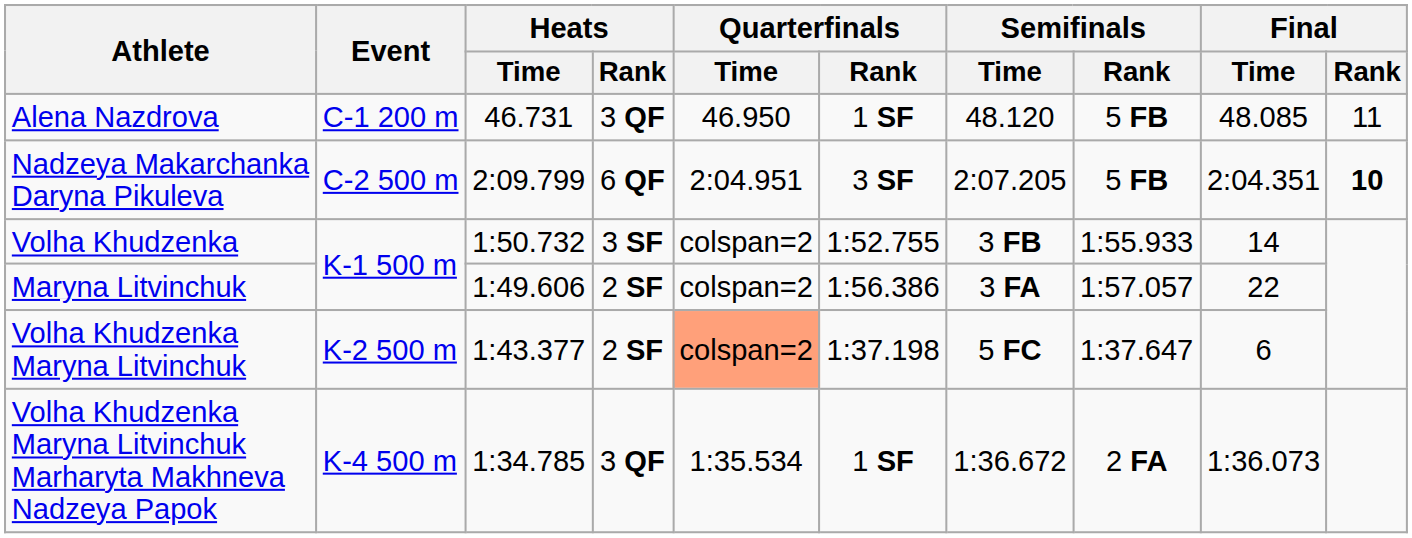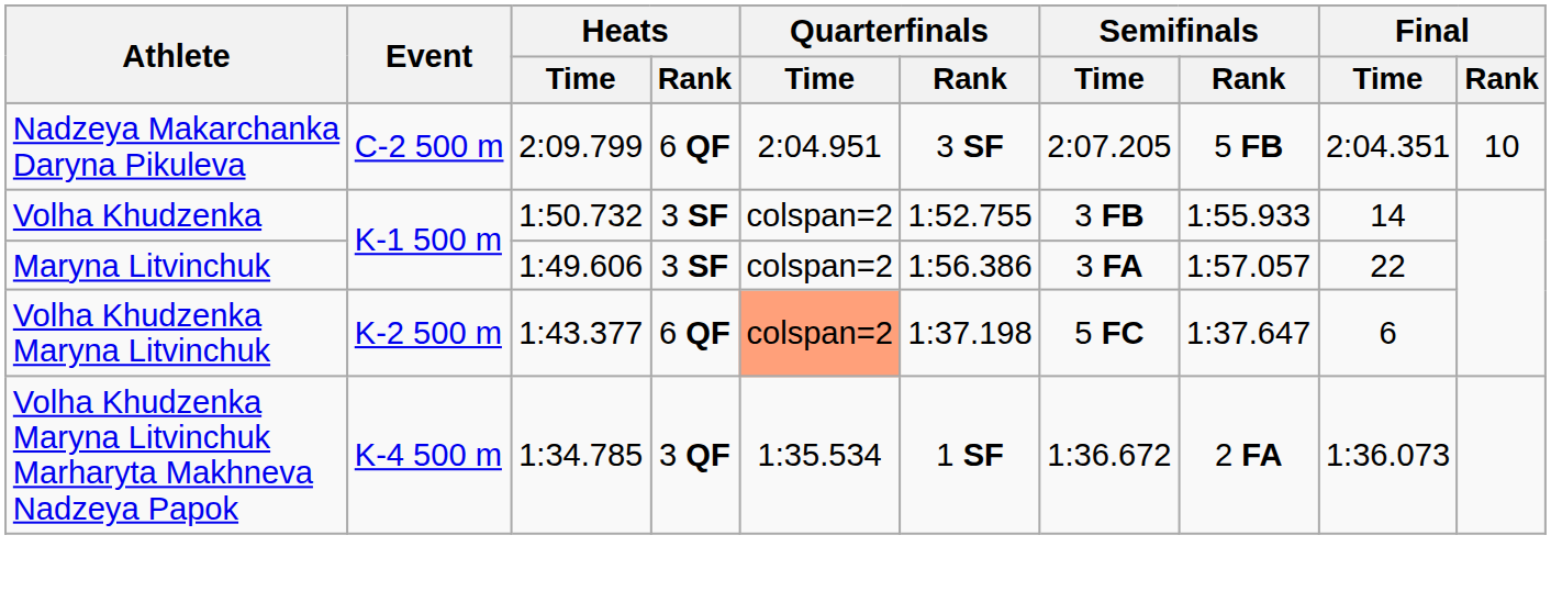 <table class=wikitable style="font-size:90%">
 <tr>
 <th rowspan="2">Athlete</th>
 <th rowspan="2">Event</th>
 <th colspan=2>Heats</th>
 <th colspan=2>Quarterfinals</th>
 <th colspan=2>Semifinals</th>
 <th colspan=2>Final</th>
 </tr>
 <tr style="font-size:95%">
 <th>Time</th>
 <th>Rank</th>
 <th>Time</th>
 <th>Rank</th>
 <th>Time</th>
 <th>Rank</th>
 <th>Time</th>
 <th>Rank</th>
 </tr>
 <tr align=center>
-<td align=left><a href='#'>Alena Nazdrova</a></td>
-<td align=left><a href='#'>C-1 200 m</a></td>
-<td>46.731</td>
-<td>3 <strong>QF</strong></td>
-<td>46.950</td>
-<td>1 <strong>SF</strong></td>
-<td>48.120</td>
-<td>5 <strong>FB</strong></td>
-<td>48.085</td>
-<td>11</td>
-</tr>
-<tr align=center>
 <td align=left><a href='#'>Nadzeya Makarchanka</a><br><a href='#'>Daryna Pikuleva</a></td>
 <td align=left><a href='#'>C-2 500 m</a></td>
 <td>2:09.799</td>
 <td>6 <strong>QF</strong></td>
 <td>2:04.951</td>
 <td>3 <strong>SF</strong></td>
 <td>2:07.205</td>
 <td>5 <strong>FB</strong></td>
 <td>2:04.351</td>
-<td><strong>10</strong></td>
+<td>10</td>
 </tr>
 <tr align=center>
 <td align=left><a href='#'>Volha Khudzenka</a></td>
 <td align=left rowspan=2><a href='#'>K-1 500 m</a></td>
 <td>1:50.732</td>
 <td>3 <strong>SF</strong></td>
 <td>colspan=2 </td>
 <td>1:52.755</td>
 <td>3 <strong>FB</strong></td>
 <td>1:55.933</td>
 <td>14</td>
 </tr>
 <tr align=center>
 <td align=left><a href='#'>Maryna Litvinchuk</a></td>
 <td>1:49.606</td>
-<td>2 <strong>SF</strong></td>
+<td>3 <strong>SF</strong></td>
 <td>colspan=2 </td>
 <td>1:56.386</td>
 <td>3 <strong>FA</strong></td>
 <td>1:57.057</td>
 <td>22</td>
 </tr>
 <tr align=center>
 <td align=left><a href='#'>Volha Khudzenka</a><br><a href='#'>Maryna Litvinchuk</a></td>
 <td align=left><a href='#'>K-2 500 m</a></td>
 <td>1:43.377</td>
-<td>2 <strong>SF</strong></td>
+<td>6 <strong>QF</strong></td>
 <td style="background: lightsalmon;">colspan=2 </td>
 <td>1:37.198</td>
 <td>5 <strong>FC</strong></td>
 <td>1:37.647</td>
 <td>6</td>
 </tr>
 <tr align=center>
 <td align=left><a href='#'>Volha Khudzenka</a><br><a href='#'>Maryna Litvinchuk</a><br><a href='#'>Marharyta Makhneva</a><br><a href='#'>Nadzeya Papok</a></td>
 <td align=left><a href='#'>K-4 500 m</a></td>
 <td>1:34.785</td>
 <td>3 <strong>QF</strong></td>
 <td>1:35.534</td>
 <td>1 <strong>SF</strong></td>
 <td>1:36.672</td>
 <td>2 <strong>FA</strong></td>
 <td>1:36.073</td>
 <td></td>
 </tr>
 </table>
